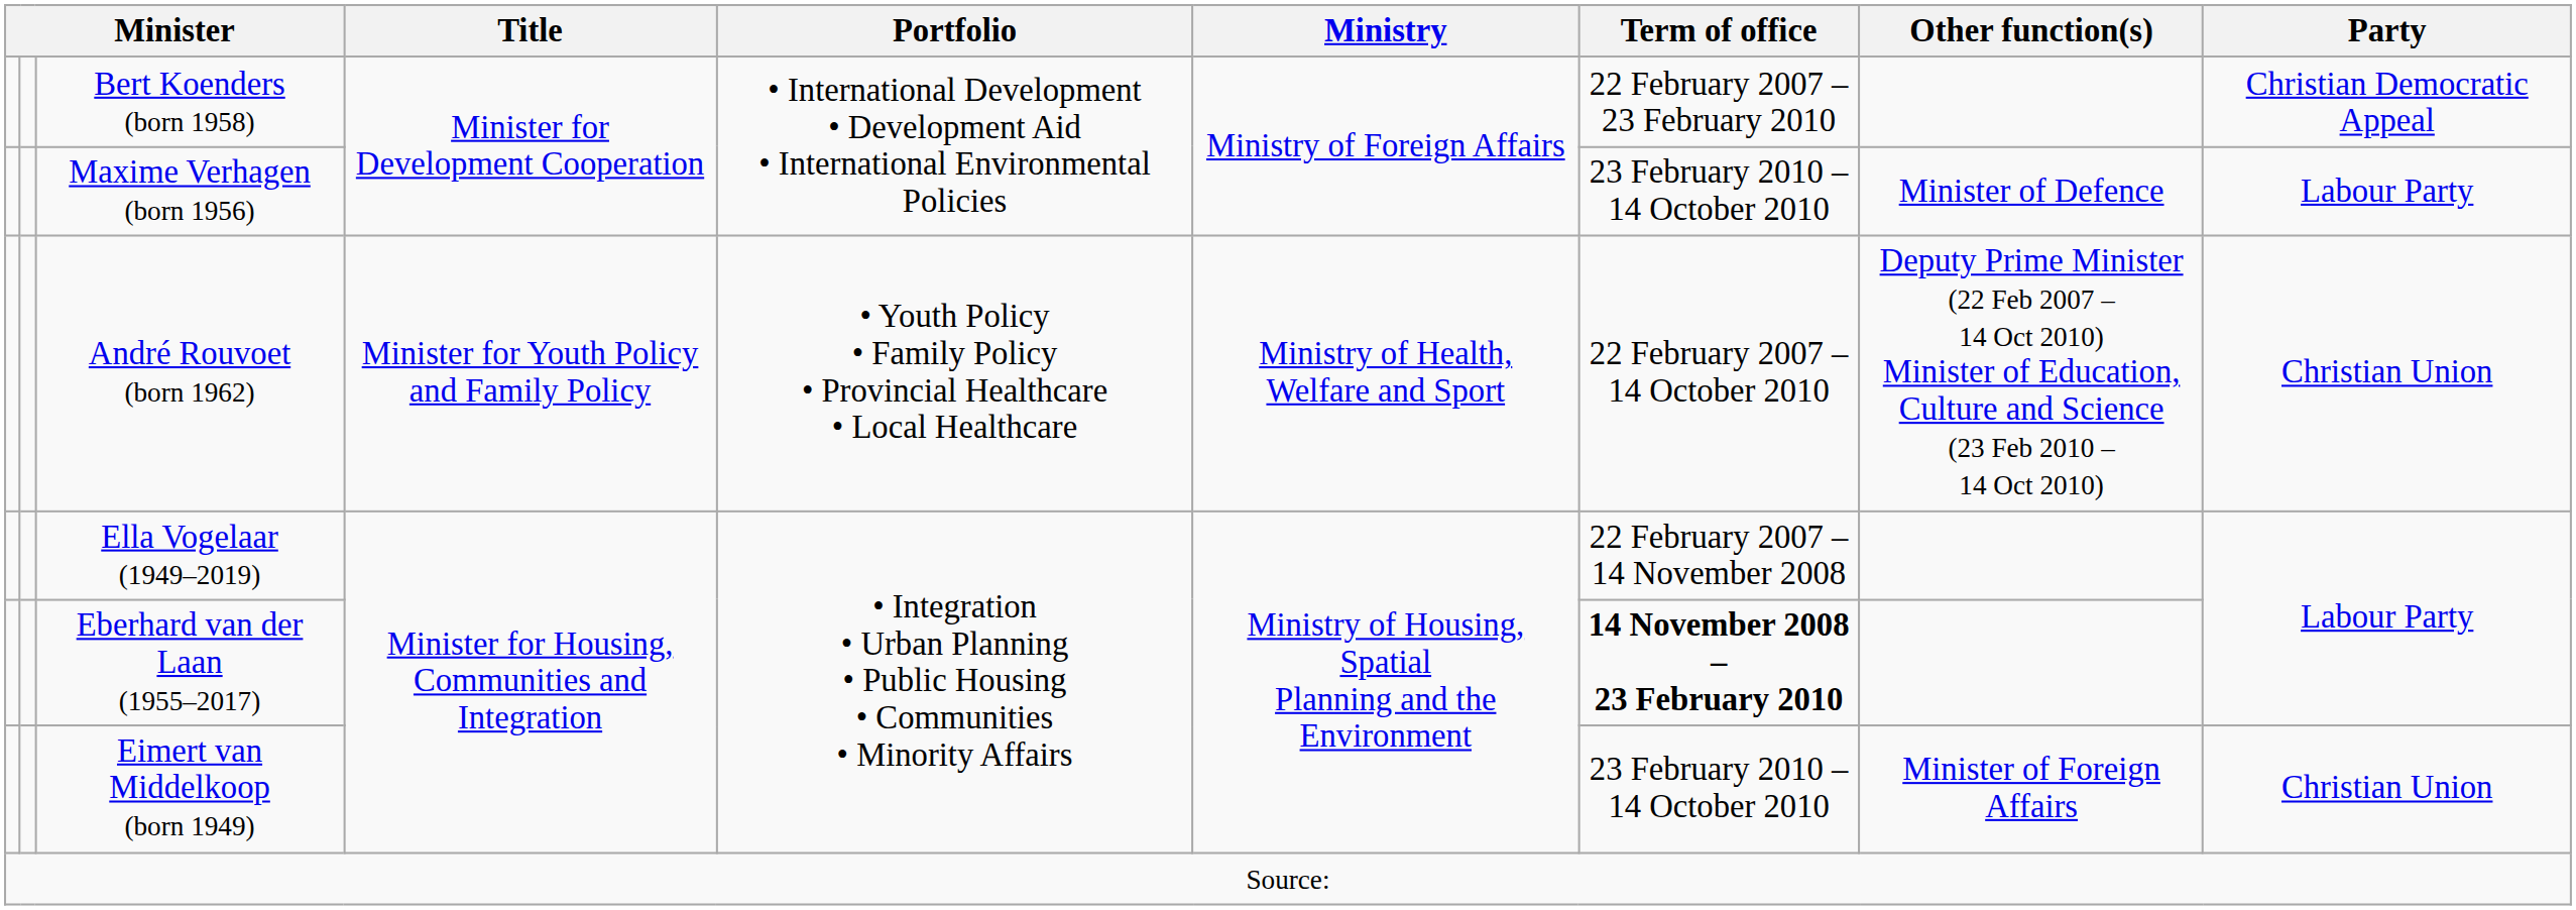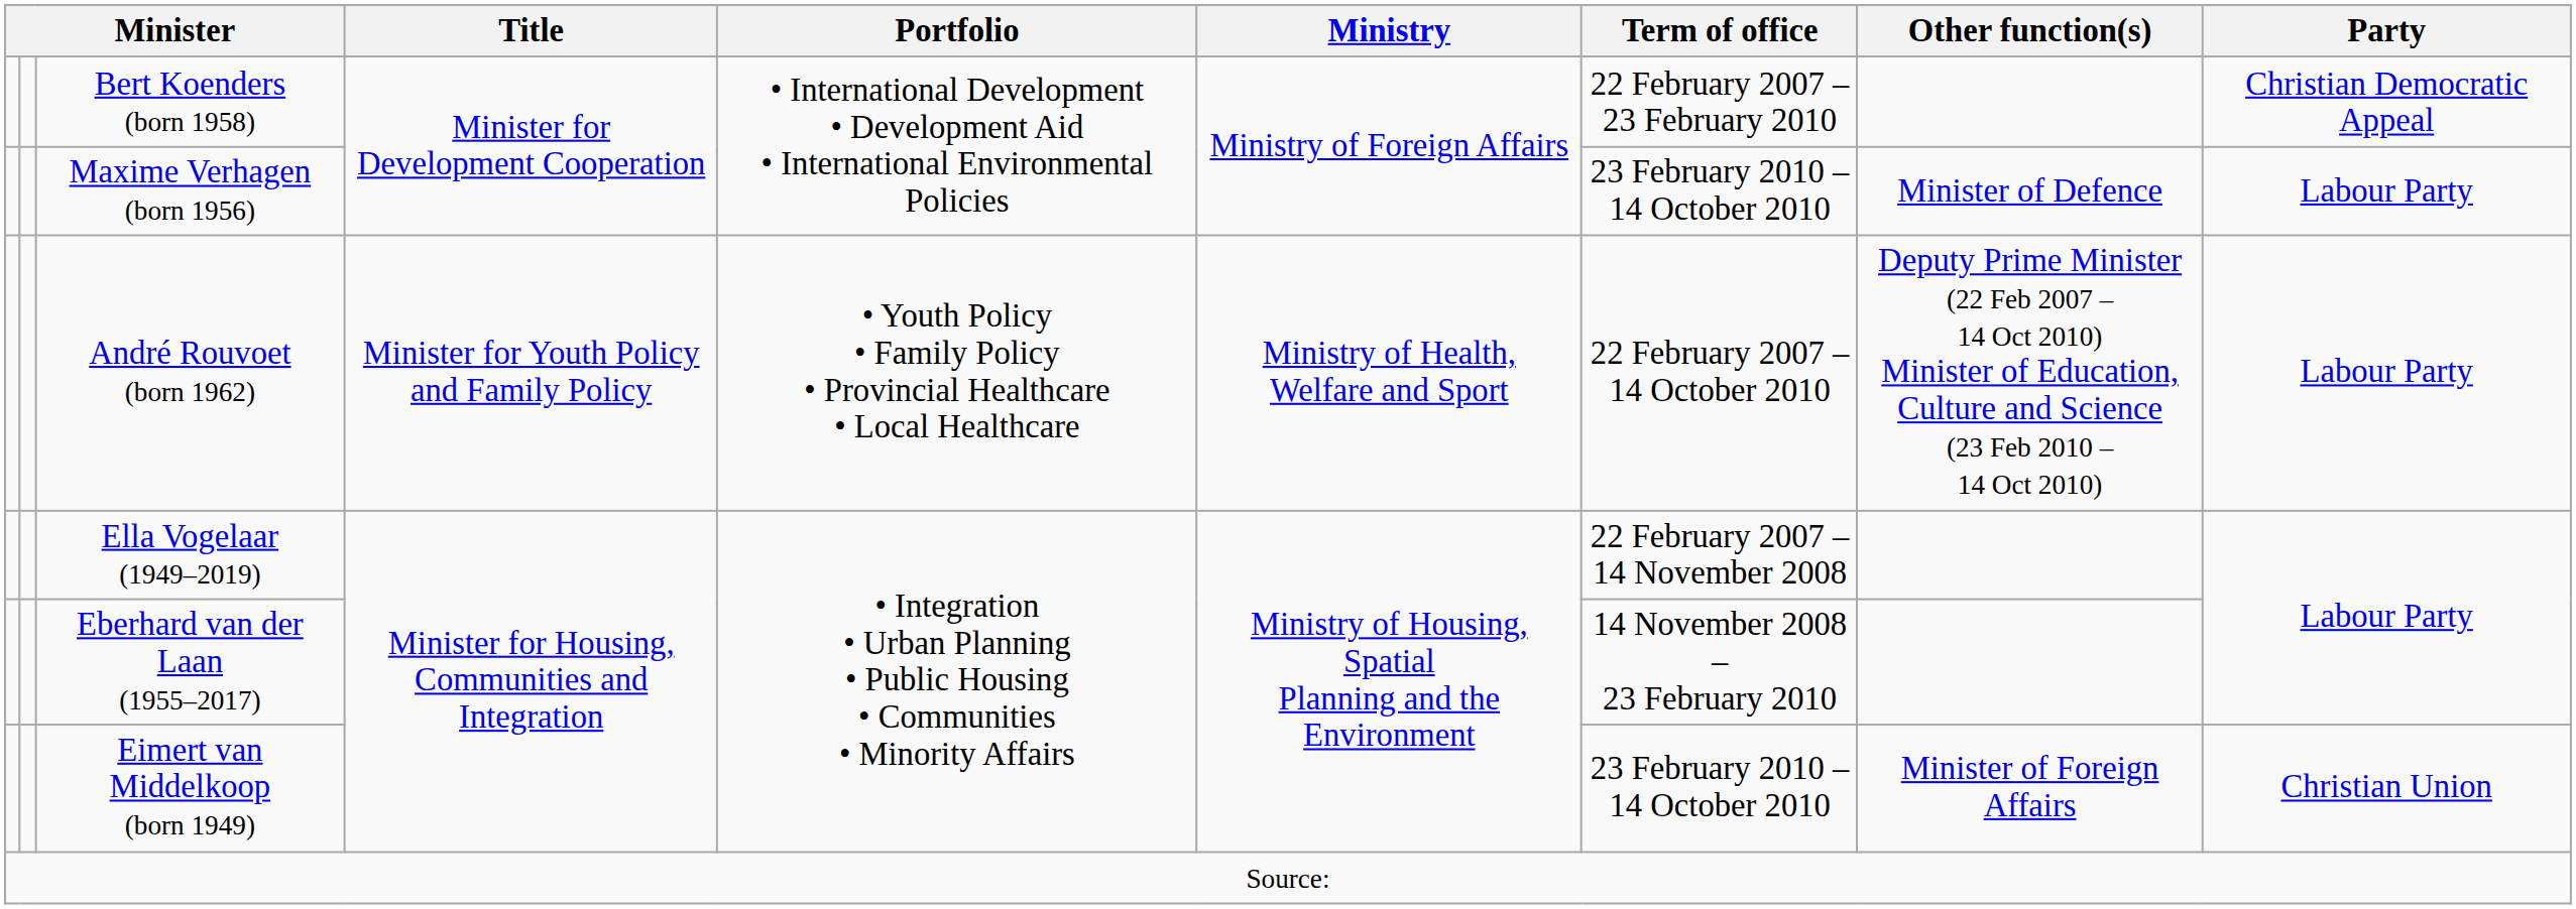 <table class="wikitable" style="text-align:center">
 <tr>
 <th colspan=3>Minister</th>
 <th>Title</th>
 <th>Portfolio</th>
 <th><a href='#'>Ministry</a></th>
 <th>Term of office</th>
 <th>Other function(s)</th>
 <th>Party</th>
 </tr>
 <tr>
 <td style="background:"></td>
 <td></td>
 <td><a href='#'>Bert Koenders</a> <br> <small>(born 1958)</small></td>
 <td rowspan=2><a href='#'>Minister for <br> Development Cooperation</a></td>
 <td rowspan=2>• International Development <br> • Development Aid <br> • International Environmental Policies</td>
 <td rowspan=2><a href='#'>Ministry of Foreign Affairs</a></td>
 <td>22 February 2007 – <br> 23 February 2010 <br> </td>
 <td></td>
 <td><a href='#'>Christian Democratic Appeal</a></td>
 </tr>
 <tr>
 <td style="background:"></td>
 <td></td>
 <td><a href='#'>Maxime Verhagen</a> <br> <small>(born 1956)</small></td>
 <td>23 February 2010 – <br> 14 October 2010</td>
 <td><a href='#'>Minister of Defence</a></td>
 <td><a href='#'>Labour Party</a></td>
 </tr>
 <tr>
 <td style="background:"></td>
 <td></td>
 <td><a href='#'>André Rouvoet</a> <br> <small>(born 1962)</small></td>
 <td><a href='#'>Minister for Youth Policy <br> and Family Policy</a></td>
 <td>• Youth Policy <br> • Family Policy <br> • Provincial Healthcare <br> • Local Healthcare</td>
 <td><a href='#'>Ministry of Health, <br> Welfare and Sport</a></td>
 <td>22 February 2007 – <br> 14 October 2010</td>
 <td><a href='#'>Deputy Prime Minister</a> <br> <small>(22 Feb 2007 – <br> 14 Oct 2010)</small> <br> <a href='#'>Minister of Education, <br> Culture and Science</a> <br> <small>(23 Feb 2010 – <br> 14 Oct 2010)</small></td>
-<td><a href='#'>Christian Union</a></td>
+<td><a href='#'>Labour Party</a></td>
 </tr>
 <tr>
 <td style="background:"></td>
 <td></td>
 <td><a href='#'>Ella Vogelaar</a> <br> <small>(1949–2019)</small></td>
 <td rowspan=3><a href='#'>Minister for Housing, <br> Communities and Integration</a></td>
 <td rowspan=3>• Integration <br> • Urban Planning <br> • Public Housing <br> • Communities <br> • Minority Affairs</td>
 <td rowspan=3><a href='#'>Ministry of Housing, Spatial <br> Planning and the Environment</a></td>
 <td>22 February 2007 – <br> 14 November 2008 <br> </td>
 <td></td>
 <td rowspan=2><a href='#'>Labour Party</a></td>
 </tr>
 <tr>
 <td style="background:"></td>
 <td></td>
 <td><a href='#'>Eberhard van der Laan</a> <br> <small>(1955–2017)</small></td>
-<td><strong>14 November 2008 – <br> 23 February 2010 <br> </strong></td>
+<td>14 November 2008 – <br> 23 February 2010 <br> </td>
 <td></td>
 </tr>
 <tr>
 <td style="background:"></td>
 <td></td>
 <td><a href='#'>Eimert van Middelkoop</a> <br> <small>(born 1949)</small></td>
 <td>23 February 2010 – <br> 14 October 2010</td>
 <td><a href='#'>Minister of Foreign Affairs</a></td>
 <td><a href='#'>Christian Union</a></td>
 </tr>
 <tr>
 <td colspan=9><small>Source:</small></td>
 </tr>
 </table>
